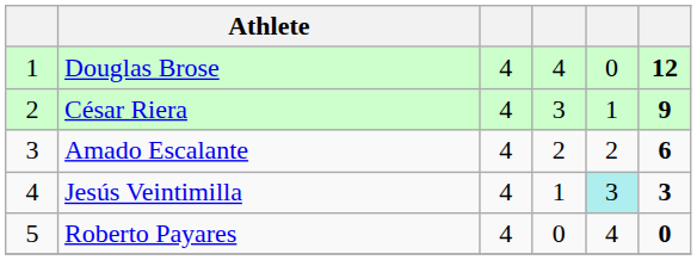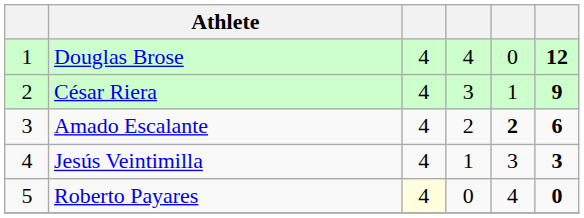 <table class="wikitable" style="text-align: center; font-size:100% ">
 <tr>
 <th width=25></th>
 <th width=250>Athlete</th>
 <th width=25></th>
 <th width=25></th>
 <th width=25></th>
 <th width=25></th>
 </tr>
 <tr bgcolor="ccffcc">
 <td>1</td>
 <td align=left> <a href='#'>Douglas Brose</a></td>
 <td>4</td>
 <td>4</td>
 <td>0</td>
 <td><strong>12</strong></td>
 </tr>
 <tr bgcolor="ccffcc">
 <td>2</td>
 <td align=left> <a href='#'>César Riera</a></td>
 <td>4</td>
 <td>3</td>
 <td>1</td>
 <td><strong>9</strong></td>
 </tr>
 <tr>
 <td>3</td>
 <td align=left> <a href='#'>Amado Escalante</a></td>
 <td>4</td>
 <td>2</td>
-<td>2</td>
+<td><strong>2</strong></td>
 <td><strong>6</strong></td>
 </tr>
 <tr>
 <td>4</td>
 <td align=left> <a href='#'>Jesús Veintimilla</a></td>
 <td>4</td>
 <td>1</td>
-<td style="background: paleturquoise;">3</td>
+<td>3</td>
 <td><strong>3</strong></td>
 </tr>
 <tr>
 <td>5</td>
 <td align=left> <a href='#'>Roberto Payares</a></td>
-<td>4</td>
+<td style="background: lightyellow;">4</td>
 <td>0</td>
 <td>4</td>
 <td><strong>0</strong></td>
 </tr>
 <tr>
 </tr>
 </table>
